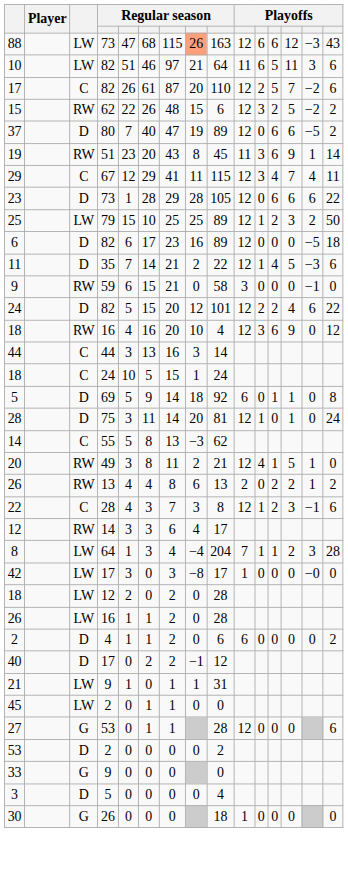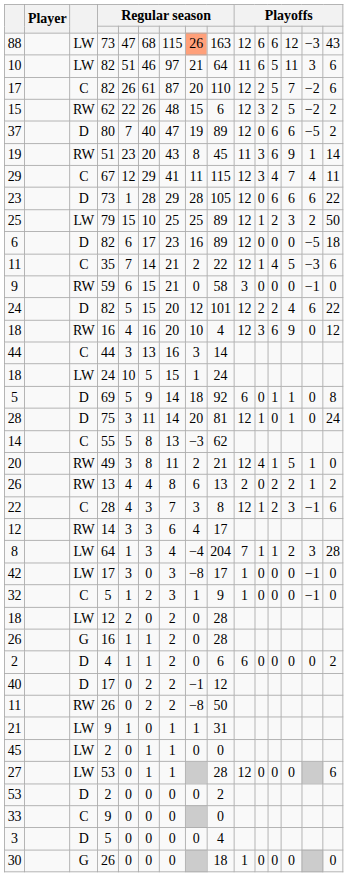 <table class="wikitable sortable plainrowheaders" style="text-align:center;">
 <tr>
 <th scope="col" data-sort-type="number" rowspan="2"></th>
 <th scope="col" rowspan="2">Player</th>
 <th scope="col" rowspan="2"></th>
 <th scope=colgroup colspan=6>Regular season</th>
 <th scope=colgroup colspan=6>Playoffs</th>
 </tr>
 <tr>
 <th scope="col" data-sort-type="number"></th>
 <th scope="col" data-sort-type="number"></th>
 <th scope="col" data-sort-type="number"></th>
 <th scope="col" data-sort-type="number"></th>
 <th scope="col" data-sort-type="number"></th>
 <th scope="col" data-sort-type="number"></th>
 <th scope="col" data-sort-type="number"></th>
 <th scope="col" data-sort-type="number"></th>
 <th scope="col" data-sort-type="number"></th>
 <th scope="col" data-sort-type="number"></th>
 <th scope="col" data-sort-type="number"></th>
 <th scope="col" data-sort-type="number"></th>
 </tr>
 <tr>
 <td scope="row">88</td>
 <td align="left"></td>
 <td>LW</td>
 <td>73</td>
 <td>47</td>
 <td>68</td>
 <td>115</td>
 <td style="background: lightsalmon;">26</td>
 <td>163</td>
 <td>12</td>
 <td>6</td>
 <td>6</td>
 <td>12</td>
 <td>−3</td>
 <td>43</td>
 </tr>
 <tr>
 <td scope="row">10</td>
 <td align="left"></td>
 <td>LW</td>
 <td>82</td>
 <td>51</td>
 <td>46</td>
 <td>97</td>
 <td>21</td>
 <td>64</td>
 <td>11</td>
 <td>6</td>
 <td>5</td>
 <td>11</td>
 <td>3</td>
 <td>6</td>
 </tr>
 <tr>
 <td scope="row">17</td>
 <td align="left"></td>
 <td>C</td>
 <td>82</td>
 <td>26</td>
 <td>61</td>
 <td>87</td>
 <td>20</td>
 <td>110</td>
 <td>12</td>
 <td>2</td>
 <td>5</td>
 <td>7</td>
 <td>−2</td>
 <td>6</td>
 </tr>
 <tr>
 <td scope="row">15</td>
 <td align="left"></td>
 <td>RW</td>
 <td>62</td>
 <td>22</td>
 <td>26</td>
 <td>48</td>
 <td>15</td>
 <td>6</td>
 <td>12</td>
 <td>3</td>
 <td>2</td>
 <td>5</td>
 <td>−2</td>
 <td>2</td>
 </tr>
 <tr>
 <td scope="row">37</td>
 <td align="left"></td>
 <td>D</td>
 <td>80</td>
 <td>7</td>
 <td>40</td>
 <td>47</td>
 <td>19</td>
 <td>89</td>
 <td>12</td>
 <td>0</td>
 <td>6</td>
 <td>6</td>
 <td>−5</td>
 <td>2</td>
 </tr>
 <tr>
 <td scope="row">19</td>
 <td align="left"></td>
 <td>RW</td>
 <td>51</td>
 <td>23</td>
 <td>20</td>
 <td>43</td>
 <td>8</td>
 <td>45</td>
 <td>11</td>
 <td>3</td>
 <td>6</td>
 <td>9</td>
 <td>1</td>
 <td>14</td>
 </tr>
 <tr>
 <td scope="row">29</td>
 <td align="left"></td>
 <td>C</td>
 <td>67</td>
 <td>12</td>
 <td>29</td>
 <td>41</td>
 <td>11</td>
 <td>115</td>
 <td>12</td>
 <td>3</td>
 <td>4</td>
 <td>7</td>
 <td>4</td>
 <td>11</td>
 </tr>
 <tr>
 <td scope="row">23</td>
 <td align="left"></td>
 <td>D</td>
 <td>73</td>
 <td>1</td>
 <td>28</td>
 <td>29</td>
 <td>28</td>
 <td>105</td>
 <td>12</td>
 <td>0</td>
 <td>6</td>
 <td>6</td>
 <td>6</td>
 <td>22</td>
 </tr>
 <tr>
 <td scope="row">25</td>
 <td align="left"></td>
 <td>LW</td>
 <td>79</td>
 <td>15</td>
 <td>10</td>
 <td>25</td>
 <td>25</td>
 <td>89</td>
 <td>12</td>
 <td>1</td>
 <td>2</td>
 <td>3</td>
 <td>2</td>
 <td>50</td>
 </tr>
 <tr>
 <td scope="row">6</td>
 <td align="left"></td>
 <td>D</td>
 <td>82</td>
 <td>6</td>
 <td>17</td>
 <td>23</td>
 <td>16</td>
 <td>89</td>
 <td>12</td>
 <td>0</td>
 <td>0</td>
 <td>0</td>
 <td>−5</td>
 <td>18</td>
 </tr>
 <tr>
 <td scope="row">11</td>
 <td align="left"></td>
-<td>D</td>
+<td>C</td>
 <td>35</td>
 <td>7</td>
 <td>14</td>
 <td>21</td>
 <td>2</td>
 <td>22</td>
 <td>12</td>
 <td>1</td>
 <td>4</td>
 <td>5</td>
 <td>−3</td>
 <td>6</td>
 </tr>
 <tr>
 <td scope="row">9</td>
 <td align="left"></td>
 <td>RW</td>
 <td>59</td>
 <td>6</td>
 <td>15</td>
 <td>21</td>
 <td>0</td>
 <td>58</td>
 <td>3</td>
 <td>0</td>
 <td>0</td>
 <td>0</td>
 <td>−1</td>
 <td>0</td>
 </tr>
 <tr>
 <td scope="row">24</td>
 <td align="left"></td>
 <td>D</td>
 <td>82</td>
 <td>5</td>
 <td>15</td>
 <td>20</td>
 <td>12</td>
 <td>101</td>
 <td>12</td>
 <td>2</td>
 <td>2</td>
 <td>4</td>
 <td>6</td>
 <td>22</td>
 </tr>
 <tr>
 <td scope="row">18</td>
 <td align="left"></td>
 <td>RW</td>
 <td>16</td>
 <td>4</td>
 <td>16</td>
 <td>20</td>
 <td>10</td>
 <td>4</td>
 <td>12</td>
 <td>3</td>
 <td>6</td>
 <td>9</td>
 <td>0</td>
 <td>12</td>
 </tr>
 <tr>
 <td scope="row">44</td>
 <td align="left"></td>
 <td>C</td>
 <td>44</td>
 <td>3</td>
 <td>13</td>
 <td>16</td>
 <td>3</td>
 <td>14</td>
 <td></td>
 <td></td>
 <td></td>
 <td></td>
 <td></td>
 <td></td>
 </tr>
 <tr>
 <td scope="row">18</td>
 <td align="left"></td>
-<td>C</td>
+<td>LW</td>
 <td>24</td>
 <td>10</td>
 <td>5</td>
 <td>15</td>
 <td>1</td>
 <td>24</td>
 <td></td>
 <td></td>
 <td></td>
 <td></td>
 <td></td>
 <td></td>
 </tr>
 <tr>
 <td scope="row">5</td>
 <td align="left"></td>
 <td>D</td>
 <td>69</td>
 <td>5</td>
 <td>9</td>
 <td>14</td>
 <td>18</td>
 <td>92</td>
 <td>6</td>
 <td>0</td>
 <td>1</td>
 <td>1</td>
 <td>0</td>
 <td>8</td>
 </tr>
 <tr>
 <td scope="row">28</td>
 <td align="left"></td>
 <td>D</td>
 <td>75</td>
 <td>3</td>
 <td>11</td>
 <td>14</td>
 <td>20</td>
 <td>81</td>
 <td>12</td>
 <td>1</td>
 <td>0</td>
 <td>1</td>
 <td>0</td>
 <td>24</td>
 </tr>
 <tr>
 <td scope="row">14</td>
 <td align="left"></td>
 <td>C</td>
 <td>55</td>
 <td>5</td>
 <td>8</td>
 <td>13</td>
 <td>−3</td>
 <td>62</td>
 <td></td>
 <td></td>
 <td></td>
 <td></td>
 <td></td>
 <td></td>
 </tr>
 <tr>
 <td scope="row">20</td>
 <td align="left"></td>
 <td>RW</td>
 <td>49</td>
 <td>3</td>
 <td>8</td>
 <td>11</td>
 <td>2</td>
 <td>21</td>
 <td>12</td>
 <td>4</td>
 <td>1</td>
 <td>5</td>
 <td>1</td>
 <td>0</td>
 </tr>
 <tr>
 <td scope="row">26</td>
 <td align="left"></td>
 <td>RW</td>
 <td>13</td>
 <td>4</td>
 <td>4</td>
 <td>8</td>
 <td>6</td>
 <td>13</td>
 <td>2</td>
 <td>0</td>
 <td>2</td>
 <td>2</td>
 <td>1</td>
 <td>2</td>
 </tr>
 <tr>
 <td scope="row">22</td>
 <td align="left"></td>
 <td>C</td>
 <td>28</td>
 <td>4</td>
 <td>3</td>
 <td>7</td>
 <td>3</td>
 <td>8</td>
 <td>12</td>
 <td>1</td>
 <td>2</td>
 <td>3</td>
 <td>−1</td>
 <td>6</td>
 </tr>
 <tr>
 <td scope="row">12</td>
 <td align="left"></td>
 <td>RW</td>
 <td>14</td>
 <td>3</td>
 <td>3</td>
 <td>6</td>
 <td>4</td>
 <td>17</td>
 <td></td>
 <td></td>
 <td></td>
 <td></td>
 <td></td>
 <td></td>
 </tr>
 <tr>
 <td scope="row">8</td>
 <td align="left"></td>
 <td>LW</td>
 <td>64</td>
 <td>1</td>
 <td>3</td>
 <td>4</td>
 <td>−4</td>
 <td>204</td>
 <td>7</td>
 <td>1</td>
 <td>1</td>
 <td>2</td>
 <td>3</td>
 <td>28</td>
 </tr>
 <tr>
 <td scope="row">42</td>
 <td align="left"></td>
 <td>LW</td>
 <td>17</td>
 <td>3</td>
 <td>0</td>
 <td>3</td>
 <td>−8</td>
 <td>17</td>
 <td>1</td>
 <td>0</td>
 <td>0</td>
 <td>0</td>
-<td>−0</td>
+<td>−1</td>
+<td>0</td>
+</tr>
+<tr>
+<td scope="row">32</td>
+<td align="left"></td>
+<td>C</td>
+<td>5</td>
+<td>1</td>
+<td>2</td>
+<td>3</td>
+<td>1</td>
+<td>9</td>
+<td>1</td>
+<td>0</td>
+<td>0</td>
+<td>0</td>
+<td>−1</td>
 <td>0</td>
 </tr>
 <tr>
 <td scope="row">18</td>
 <td align="left"></td>
 <td>LW</td>
 <td>12</td>
 <td>2</td>
 <td>0</td>
 <td>2</td>
 <td>0</td>
 <td>28</td>
 <td></td>
 <td></td>
 <td></td>
 <td></td>
 <td></td>
 <td></td>
 </tr>
 <tr>
 <td scope="row">26</td>
 <td align="left"></td>
-<td>LW</td>
+<td>G</td>
 <td>16</td>
 <td>1</td>
 <td>1</td>
 <td>2</td>
 <td>0</td>
 <td>28</td>
 <td></td>
 <td></td>
 <td></td>
 <td></td>
 <td></td>
 <td></td>
 </tr>
 <tr>
 <td scope="row">2</td>
 <td align="left"></td>
 <td>D</td>
 <td>4</td>
 <td>1</td>
 <td>1</td>
 <td>2</td>
 <td>0</td>
 <td>6</td>
 <td>6</td>
 <td>0</td>
 <td>0</td>
 <td>0</td>
 <td>0</td>
 <td>2</td>
 </tr>
 <tr>
 <td scope="row">40</td>
 <td align="left"></td>
 <td>D</td>
 <td>17</td>
 <td>0</td>
 <td>2</td>
 <td>2</td>
 <td>−1</td>
 <td>12</td>
 <td></td>
 <td></td>
 <td></td>
 <td></td>
 <td></td>
 <td></td>
 </tr>
 <tr>
+<td scope="row">11</td>
+<td align="left"></td>
+<td>RW</td>
+<td>26</td>
+<td>0</td>
+<td>2</td>
+<td>2</td>
+<td>−8</td>
+<td>50</td>
+<td></td>
+<td></td>
+<td></td>
+<td></td>
+<td></td>
+<td></td>
+</tr>
+<tr>
 <td scope="row">21</td>
 <td align="left"></td>
 <td>LW</td>
 <td>9</td>
 <td>1</td>
 <td>0</td>
 <td>1</td>
 <td>1</td>
 <td>31</td>
 <td></td>
 <td></td>
 <td></td>
 <td></td>
 <td></td>
 <td></td>
 </tr>
 <tr>
 <td scope="row">45</td>
 <td align="left"></td>
 <td>LW</td>
 <td>2</td>
 <td>0</td>
 <td>1</td>
 <td>1</td>
 <td>0</td>
 <td>0</td>
 <td></td>
 <td></td>
 <td></td>
 <td></td>
 <td></td>
 <td></td>
 </tr>
 <tr>
 <td scope="row">27</td>
 <td align="left"></td>
-<td>G</td>
+<td>LW</td>
 <td>53</td>
 <td>0</td>
 <td>1</td>
 <td>1</td>
 <td style="background:#ccc"></td>
 <td>28</td>
 <td>12</td>
 <td>0</td>
 <td>0</td>
 <td>0</td>
 <td style="background:#ccc"></td>
 <td>6</td>
 </tr>
 <tr>
 <td scope="row">53</td>
 <td align="left"></td>
 <td>D</td>
 <td>2</td>
 <td>0</td>
 <td>0</td>
 <td>0</td>
 <td>0</td>
 <td>2</td>
 <td></td>
 <td></td>
 <td></td>
 <td></td>
 <td></td>
 <td></td>
 </tr>
 <tr>
 <td scope="row">33</td>
 <td align="left"></td>
-<td>G</td>
+<td>C</td>
 <td>9</td>
 <td>0</td>
 <td>0</td>
 <td>0</td>
 <td style="background:#ccc"></td>
 <td>0</td>
 <td></td>
 <td></td>
 <td></td>
 <td></td>
 <td></td>
 <td></td>
 </tr>
 <tr>
 <td scope="row">3</td>
 <td align="left"></td>
 <td>D</td>
 <td>5</td>
 <td>0</td>
 <td>0</td>
 <td>0</td>
 <td>0</td>
 <td>4</td>
 <td></td>
 <td></td>
 <td></td>
 <td></td>
 <td></td>
 <td></td>
 </tr>
 <tr>
 <td scope="row">30</td>
 <td align="left"></td>
 <td>G</td>
 <td>26</td>
 <td>0</td>
 <td>0</td>
 <td>0</td>
 <td style="background:#ccc"></td>
 <td>18</td>
 <td>1</td>
 <td>0</td>
 <td>0</td>
 <td>0</td>
 <td style="background:#ccc"></td>
 <td>0</td>
 </tr>
 </table>
